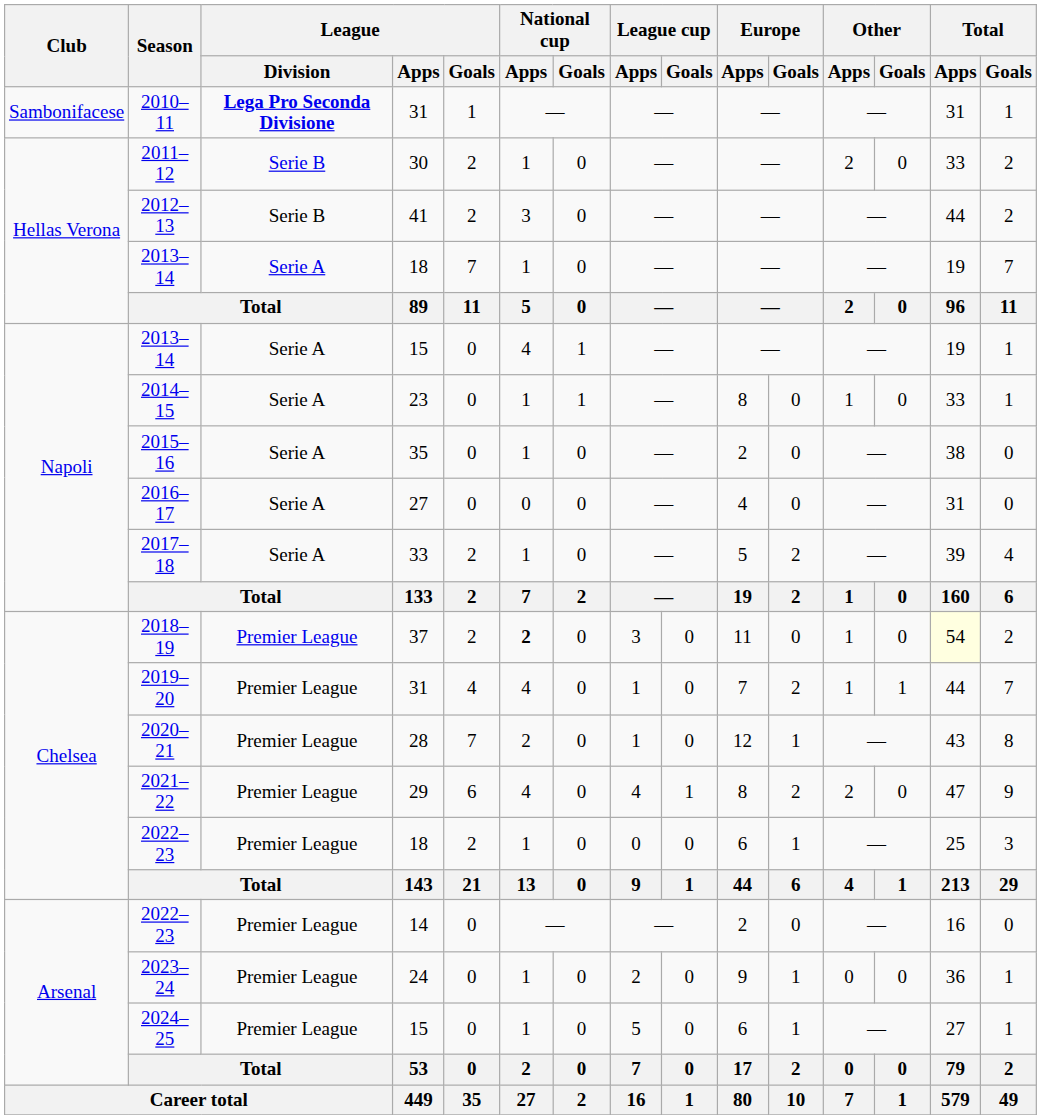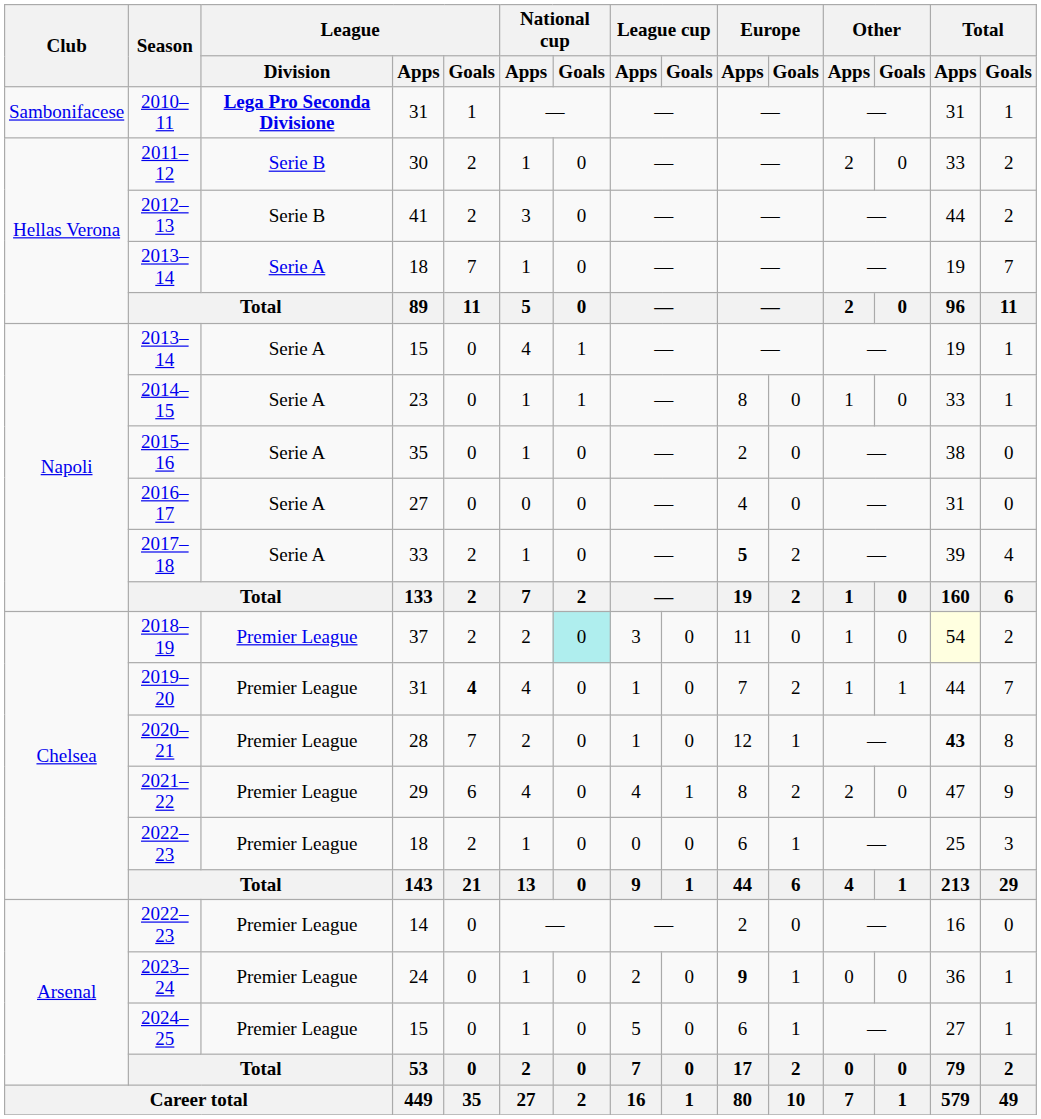 <table class="wikitable" style="text-align: center;">
 <tr>
 <th rowspan="2">Club</th>
 <th rowspan="2">Season</th>
 <th colspan="3">League</th>
 <th colspan="2">National cup</th>
 <th colspan="2">League cup</th>
 <th colspan="2">Europe</th>
 <th colspan="2">Other</th>
 <th colspan="2">Total</th>
 </tr>
 <tr>
 <th>Division</th>
 <th>Apps</th>
 <th>Goals</th>
 <th>Apps</th>
 <th>Goals</th>
 <th>Apps</th>
 <th>Goals</th>
 <th>Apps</th>
 <th>Goals</th>
 <th>Apps</th>
 <th>Goals</th>
 <th>Apps</th>
 <th>Goals</th>
 </tr>
 <tr>
 <td><a href='#'>Sambonifacese</a></td>
 <td><a href='#'>2010–11</a></td>
 <td><strong><a href='#'>Lega Pro Seconda Divisione</a></strong></td>
 <td>31</td>
 <td>1</td>
 <td colspan="2">—</td>
 <td colspan="2">—</td>
 <td colspan="2">—</td>
 <td colspan="2">—</td>
 <td>31</td>
 <td>1</td>
 </tr>
 <tr>
 <td rowspan="4"><a href='#'>Hellas Verona</a></td>
 <td><a href='#'>2011–12</a></td>
 <td><a href='#'>Serie B</a></td>
 <td>30</td>
 <td>2</td>
 <td>1</td>
 <td>0</td>
 <td colspan="2">—</td>
 <td colspan="2">—</td>
 <td>2</td>
 <td>0</td>
 <td>33</td>
 <td>2</td>
 </tr>
 <tr>
 <td><a href='#'>2012–13</a></td>
 <td>Serie B</td>
 <td>41</td>
 <td>2</td>
 <td>3</td>
 <td>0</td>
 <td colspan="2">—</td>
 <td colspan="2">—</td>
 <td colspan="2">—</td>
 <td>44</td>
 <td>2</td>
 </tr>
 <tr>
 <td><a href='#'>2013–14</a></td>
 <td><a href='#'>Serie A</a></td>
 <td>18</td>
 <td>7</td>
 <td>1</td>
 <td>0</td>
 <td colspan="2">—</td>
 <td colspan="2">—</td>
 <td colspan="2">—</td>
 <td>19</td>
 <td>7</td>
 </tr>
 <tr>
 <th colspan="2">Total</th>
 <th>89</th>
 <th>11</th>
 <th>5</th>
 <th>0</th>
 <th colspan="2">—</th>
 <th colspan="2">—</th>
 <th>2</th>
 <th>0</th>
 <th>96</th>
 <th>11</th>
 </tr>
 <tr>
 <td rowspan="6"><a href='#'>Napoli</a></td>
 <td><a href='#'>2013–14</a></td>
 <td>Serie A</td>
 <td>15</td>
 <td>0</td>
 <td>4</td>
 <td>1</td>
 <td colspan="2">—</td>
 <td colspan="2">—</td>
 <td colspan="2">—</td>
 <td>19</td>
 <td>1</td>
 </tr>
 <tr>
 <td><a href='#'>2014–15</a></td>
 <td>Serie A</td>
 <td>23</td>
 <td>0</td>
 <td>1</td>
 <td>1</td>
 <td colspan="2">—</td>
 <td>8</td>
 <td>0</td>
 <td>1</td>
 <td>0</td>
 <td>33</td>
 <td>1</td>
 </tr>
 <tr>
 <td><a href='#'>2015–16</a></td>
 <td>Serie A</td>
 <td>35</td>
 <td>0</td>
 <td>1</td>
 <td>0</td>
 <td colspan="2">—</td>
 <td>2</td>
 <td>0</td>
 <td colspan="2">—</td>
 <td>38</td>
 <td>0</td>
 </tr>
 <tr>
 <td><a href='#'>2016–17</a></td>
 <td>Serie A</td>
 <td>27</td>
 <td>0</td>
 <td>0</td>
 <td>0</td>
 <td colspan="2">—</td>
 <td>4</td>
 <td>0</td>
 <td colspan="2">—</td>
 <td>31</td>
 <td>0</td>
 </tr>
 <tr>
 <td><a href='#'>2017–18</a></td>
 <td>Serie A</td>
 <td>33</td>
 <td>2</td>
 <td>1</td>
 <td>0</td>
 <td colspan="2">—</td>
-<td>5</td>
+<td><strong>5</strong></td>
 <td>2</td>
 <td colspan="2">—</td>
 <td>39</td>
 <td>4</td>
 </tr>
 <tr>
 <th colspan="2">Total</th>
 <th>133</th>
 <th>2</th>
 <th>7</th>
 <th>2</th>
 <th colspan="2">—</th>
 <th>19</th>
 <th>2</th>
 <th>1</th>
 <th>0</th>
 <th>160</th>
 <th>6</th>
 </tr>
 <tr>
 <td rowspan="6"><a href='#'>Chelsea</a></td>
 <td><a href='#'>2018–19</a></td>
 <td><a href='#'>Premier League</a></td>
 <td>37</td>
 <td>2</td>
-<td><strong>2</strong></td>
-<td>0</td>
+<td>2</td>
+<td style="background: paleturquoise;">0</td>
 <td>3</td>
 <td>0</td>
 <td>11</td>
 <td>0</td>
 <td>1</td>
 <td>0</td>
 <td style="background: lightyellow;">54</td>
 <td>2</td>
 </tr>
 <tr>
 <td><a href='#'>2019–20</a></td>
 <td>Premier League</td>
 <td>31</td>
-<td>4</td>
+<td><strong>4</strong></td>
 <td>4</td>
 <td>0</td>
 <td>1</td>
 <td>0</td>
 <td>7</td>
 <td>2</td>
 <td>1</td>
 <td>1</td>
 <td>44</td>
 <td>7</td>
 </tr>
 <tr>
 <td><a href='#'>2020–21</a></td>
 <td>Premier League</td>
 <td>28</td>
 <td>7</td>
 <td>2</td>
 <td>0</td>
 <td>1</td>
 <td>0</td>
 <td>12</td>
 <td>1</td>
 <td colspan="2">—</td>
-<td>43</td>
+<td><strong>43</strong></td>
 <td>8</td>
 </tr>
 <tr>
 <td><a href='#'>2021–22</a></td>
 <td>Premier League</td>
 <td>29</td>
 <td>6</td>
 <td>4</td>
 <td>0</td>
 <td>4</td>
 <td>1</td>
 <td>8</td>
 <td>2</td>
 <td>2</td>
 <td>0</td>
 <td>47</td>
 <td>9</td>
 </tr>
 <tr>
 <td><a href='#'>2022–23</a></td>
 <td>Premier League</td>
 <td>18</td>
 <td>2</td>
 <td>1</td>
 <td>0</td>
 <td>0</td>
 <td>0</td>
 <td>6</td>
 <td>1</td>
 <td colspan="2">—</td>
 <td>25</td>
 <td>3</td>
 </tr>
 <tr>
 <th colspan="2">Total</th>
 <th>143</th>
 <th>21</th>
 <th>13</th>
 <th>0</th>
 <th>9</th>
 <th>1</th>
 <th>44</th>
 <th>6</th>
 <th>4</th>
 <th>1</th>
 <th>213</th>
 <th>29</th>
 </tr>
 <tr>
 <td rowspan="4"><a href='#'>Arsenal</a></td>
 <td><a href='#'>2022–23</a></td>
 <td>Premier League</td>
 <td>14</td>
 <td>0</td>
 <td colspan="2">—</td>
 <td colspan="2">—</td>
 <td>2</td>
 <td>0</td>
 <td colspan="2">—</td>
 <td>16</td>
 <td>0</td>
 </tr>
 <tr>
 <td><a href='#'>2023–24</a></td>
 <td>Premier League</td>
 <td>24</td>
 <td>0</td>
 <td>1</td>
 <td>0</td>
 <td>2</td>
 <td>0</td>
-<td>9</td>
+<td><strong>9</strong></td>
 <td>1</td>
 <td>0</td>
 <td>0</td>
 <td>36</td>
 <td>1</td>
 </tr>
 <tr>
 <td><a href='#'>2024–25</a></td>
 <td>Premier League</td>
 <td>15</td>
 <td>0</td>
 <td>1</td>
 <td>0</td>
 <td>5</td>
 <td>0</td>
 <td>6</td>
 <td>1</td>
 <td colspan="2">—</td>
 <td>27</td>
 <td>1</td>
 </tr>
 <tr>
 <th colspan="2">Total</th>
 <th>53</th>
 <th>0</th>
 <th>2</th>
 <th>0</th>
 <th>7</th>
 <th>0</th>
 <th>17</th>
 <th>2</th>
 <th>0</th>
 <th>0</th>
 <th>79</th>
 <th>2</th>
 </tr>
 <tr>
 <th colspan="3">Career total</th>
 <th>449</th>
 <th>35</th>
 <th>27</th>
 <th>2</th>
 <th>16</th>
 <th>1</th>
 <th>80</th>
 <th>10</th>
 <th>7</th>
 <th>1</th>
 <th>579</th>
 <th>49</th>
 </tr>
 </table>
